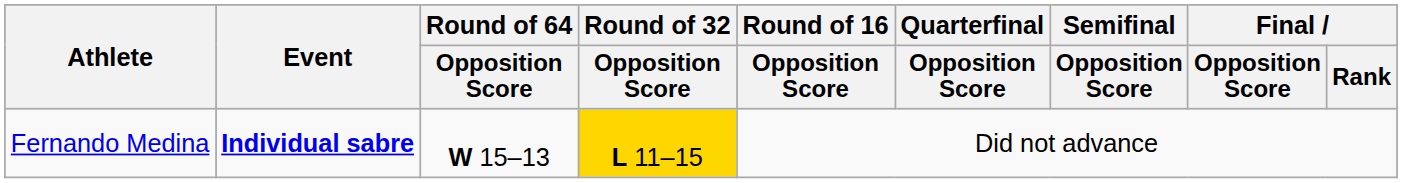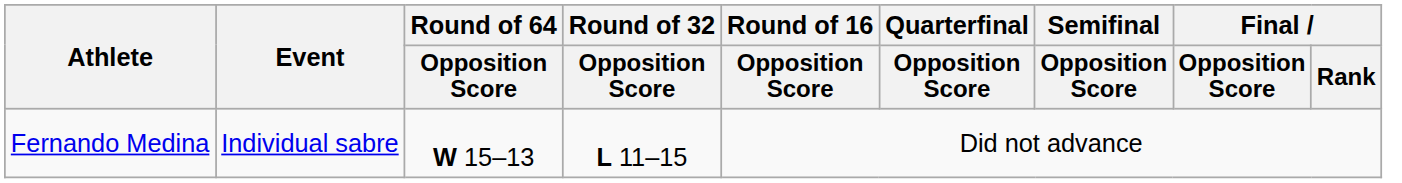 <table class="wikitable" style="font-size:90%">
 <tr>
 <th rowspan="2">Athlete</th>
 <th rowspan="2">Event</th>
 <th>Round of 64</th>
 <th>Round of 32</th>
 <th>Round of 16</th>
 <th>Quarterfinal</th>
 <th>Semifinal</th>
 <th colspan=2>Final / </th>
 </tr>
 <tr style="font-size:95%">
 <th>Opposition <br> Score</th>
 <th>Opposition <br> Score</th>
 <th>Opposition <br> Score</th>
 <th>Opposition <br> Score</th>
 <th>Opposition <br> Score</th>
 <th>Opposition <br> Score</th>
 <th>Rank</th>
 </tr>
 <tr align=center>
 <td align=left><a href='#'>Fernando Medina</a></td>
-<td align=left><strong><a href='#'>Individual sabre</a></strong></td>
+<td align=left><a href='#'>Individual sabre</a></td>
 <td><br><strong>W</strong> 15–13</td>
-<td style="background: gold;"><br><strong>L</strong> 11–15</td>
+<td><br><strong>L</strong> 11–15</td>
 <td colspan=5>Did not advance</td>
 </tr>
 </table>
